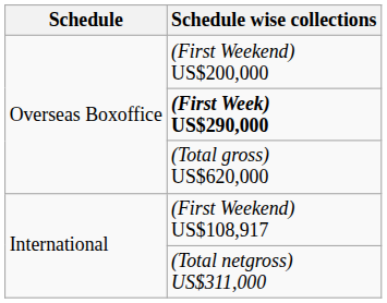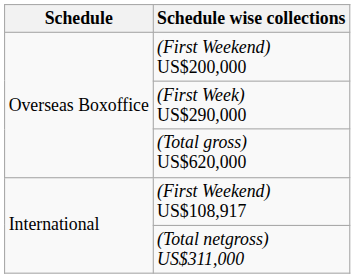 <table class="wikitable">
 <tr>
 <th>Schedule</th>
 <th>Schedule wise collections</th>
 </tr>
 <tr>
 <td rowspan="3">Overseas Boxoffice</td>
 <td><em>(First Weekend)</em><br> US$200,000</td>
 </tr>
 <tr>
-<td><strong><em>(First Week)</em><br> US$290,000</strong></td>
+<td><em>(First Week)</em><br> US$290,000</td>
 </tr>
 <tr>
 <td><em>(Total gross)</em><br> US$620,000</td>
 </tr>
 <tr>
 <td rowspan="2">International</td>
 <td><em>(First Weekend)</em><br> US$108,917</td>
 </tr>
 <tr>
 <td><em>(Total netgross)<br>US$311,000</td>
 </tr>
 </table>
